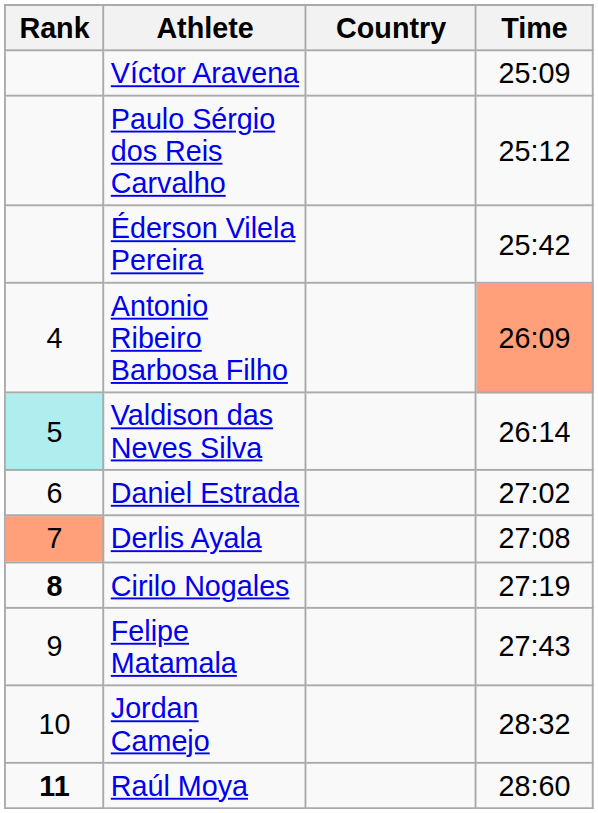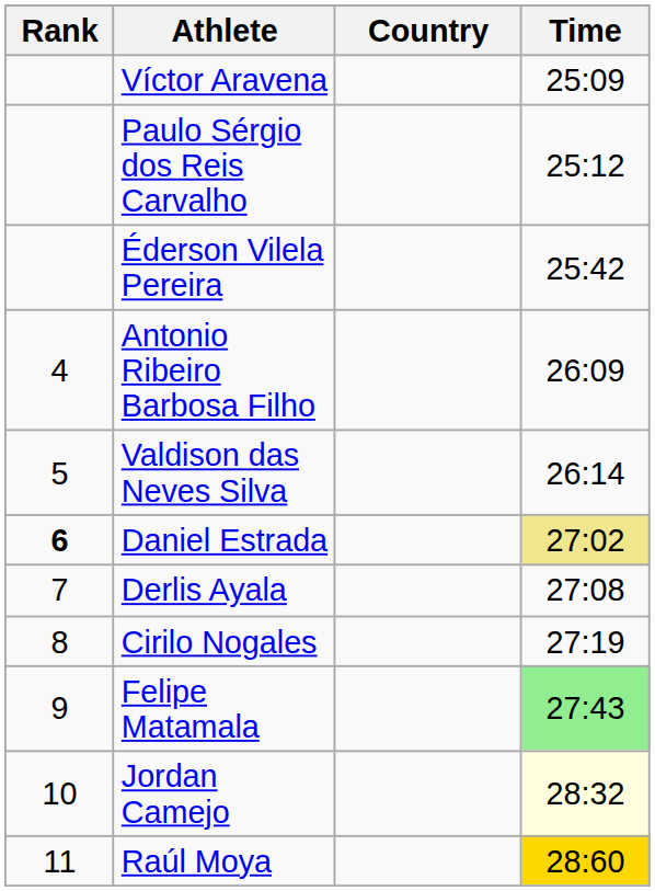 <table class="wikitable sortable" style=" text-align:center; font-size:95%;" width="50%">
 <tr>
 </tr>
 <tr>
 <th width=5%>Rank</th>
 <th width=20%>Athlete</th>
 <th width=15%>Country</th>
 <th width=10%>Time</th>
 </tr>
 <tr>
 <td align=center></td>
 <td align=left><a href='#'>Víctor Aravena</a></td>
 <td align=left></td>
 <td>25:09</td>
 </tr>
 <tr>
 <td align=center></td>
 <td align=left><a href='#'>Paulo Sérgio dos Reis Carvalho</a></td>
 <td align=left></td>
 <td>25:12</td>
 </tr>
 <tr>
 <td align=center></td>
 <td align=left><a href='#'>Éderson Vilela Pereira</a></td>
 <td align=left></td>
 <td>25:42</td>
 </tr>
 <tr>
 <td align=center>4</td>
 <td align=left><a href='#'>Antonio Ribeiro Barbosa Filho</a></td>
 <td align=left></td>
-<td style="background: lightsalmon;">26:09</td>
+<td>26:09</td>
 </tr>
 <tr>
-<td align=center style="background: paleturquoise;">5</td>
+<td align=center>5</td>
 <td align=left><a href='#'>Valdison das Neves Silva</a></td>
 <td align=left></td>
 <td>26:14</td>
 </tr>
 <tr>
-<td align=center>6</td>
+<td align=center><strong>6</strong></td>
 <td align=left><a href='#'>Daniel Estrada</a></td>
 <td align=left></td>
-<td>27:02</td>
+<td style="background: khaki;">27:02</td>
 </tr>
 <tr>
-<td align=center style="background: lightsalmon;">7</td>
+<td align=center>7</td>
 <td align=left><a href='#'>Derlis Ayala</a></td>
 <td align=left></td>
 <td>27:08</td>
 </tr>
 <tr>
-<td align=center><strong>8</strong></td>
+<td align=center>8</td>
 <td align=left><a href='#'>Cirilo Nogales</a></td>
 <td align=left></td>
 <td>27:19</td>
 </tr>
 <tr>
 <td align=center>9</td>
 <td align=left><a href='#'>Felipe Matamala</a></td>
 <td align=left></td>
-<td>27:43</td>
+<td style="background: lightgreen;">27:43</td>
 </tr>
 <tr>
 <td align=center>10</td>
 <td align=left><a href='#'>Jordan Camejo</a></td>
 <td align=left></td>
-<td>28:32</td>
+<td style="background: lightyellow;">28:32</td>
 </tr>
 <tr>
-<td align=center><strong>11</strong></td>
+<td align=center>11</td>
 <td align=left><a href='#'>Raúl Moya</a></td>
 <td align=left></td>
-<td>28:60</td>
+<td style="background: gold;">28:60</td>
 </tr>
 </table>
